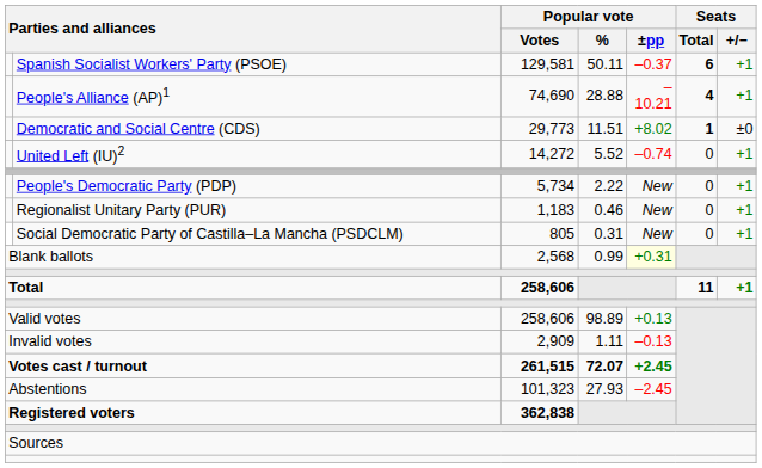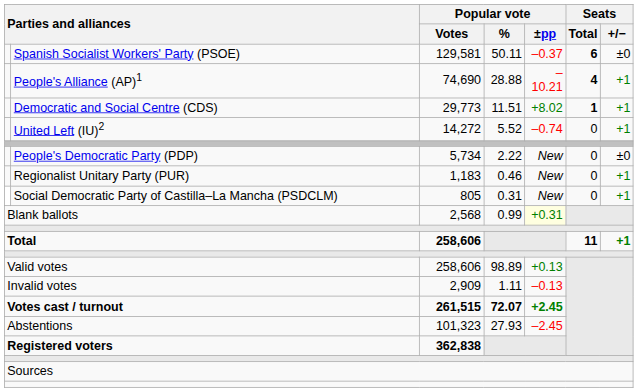 <table class="wikitable" style="text-align:right;">
 <tr>
 <th style="text-align:left;" rowspan="2" colspan="2" width="525">Parties and alliances</th>
 <th colspan="3">Popular vote</th>
 <th colspan="2">Seats</th>
 </tr>
 <tr>
 <th width="75">Votes</th>
 <th width="45">%</th>
 <th width="45">±<a href='#'>pp</a></th>
 <th width="35">Total</th>
 <th width="35">+/−</th>
 </tr>
 <tr>
 <td width="1" style="color:inherit;background:"></td>
 <td align="left"><a href='#'>Spanish Socialist Workers' Party</a> (PSOE)</td>
 <td>129,581</td>
 <td>50.11</td>
 <td style="color:red;">–0.37</td>
 <td><strong>6</strong></td>
-<td style="color:green;">+1</td>
+<td>±0</td>
 </tr>
 <tr>
 <td style="color:inherit;background:"></td>
 <td align="left"><a href='#'>People's Alliance</a> (AP)<sup>1</sup></td>
 <td>74,690</td>
 <td>28.88</td>
 <td style="color:red;">–10.21</td>
 <td><strong>4</strong></td>
 <td style="color:green;">+1</td>
 </tr>
 <tr>
 <td style="color:inherit;background:"></td>
 <td align="left"><a href='#'>Democratic and Social Centre</a> (CDS)</td>
 <td>29,773</td>
 <td>11.51</td>
 <td style="color:green;">+8.02</td>
 <td><strong>1</strong></td>
-<td>±0</td>
+<td style="color:green;">+1</td>
 </tr>
 <tr>
 <td style="color:inherit;background:"></td>
 <td align="left"><a href='#'>United Left</a> (IU)<sup>2</sup></td>
 <td>14,272</td>
 <td>5.52</td>
 <td style="color:red;">–0.74</td>
 <td>0</td>
 <td style="color:green;">+1</td>
 </tr>
 <tr>
 <td colspan="7" bgcolor="#C0C0C0"></td>
 </tr>
 <tr>
 <td style="color:inherit;background:"></td>
 <td align="left"><a href='#'>People's Democratic Party</a> (PDP)</td>
 <td>5,734</td>
 <td>2.22</td>
 <td><em>New</em></td>
 <td>0</td>
-<td style="color:green;">+1</td>
+<td>±0</td>
 </tr>
 <tr>
 <td style="color:inherit;background:"></td>
 <td align="left">Regionalist Unitary Party (PUR)</td>
 <td>1,183</td>
 <td>0.46</td>
 <td><em>New</em></td>
 <td>0</td>
 <td style="color:green;">+1</td>
 </tr>
 <tr>
 <td bgcolor="white"></td>
 <td align="left">Social Democratic Party of Castilla–La Mancha (PSDCLM)</td>
 <td>805</td>
 <td>0.31</td>
 <td><em>New</em></td>
 <td>0</td>
 <td style="color:green;">+1</td>
 </tr>
 <tr>
 <td align="left" colspan="2">Blank ballots</td>
 <td>2,568</td>
 <td>0.99</td>
 <td style="background: lightyellow; color:green;">+0.31</td>
 <td bgcolor="#E9E9E9" colspan="2"></td>
 </tr>
 <tr>
 <td colspan="7" bgcolor="#E9E9E9"></td>
 </tr>
 <tr style="font-weight:bold;">
 <td align="left" colspan="2">Total</td>
 <td>258,606</td>
 <td bgcolor="#E9E9E9" colspan="2"></td>
 <td>11</td>
 <td style="color:green;">+1</td>
 </tr>
 <tr>
 <td colspan="7" bgcolor="#E9E9E9"></td>
 </tr>
 <tr>
 <td align="left" colspan="2">Valid votes</td>
 <td>258,606</td>
 <td>98.89</td>
 <td style="color:green;">+0.13</td>
 <td bgcolor="#E9E9E9" colspan="2" rowspan="5"></td>
 </tr>
 <tr>
 <td align="left" colspan="2">Invalid votes</td>
 <td>2,909</td>
 <td>1.11</td>
 <td style="color:red;">–0.13</td>
 </tr>
 <tr style="font-weight:bold;">
 <td align="left" colspan="2">Votes cast / turnout</td>
 <td>261,515</td>
 <td>72.07</td>
 <td style="color:green;">+2.45</td>
 </tr>
 <tr>
 <td align="left" colspan="2">Abstentions</td>
 <td>101,323</td>
 <td>27.93</td>
 <td style="color:red;">–2.45</td>
 </tr>
 <tr style="font-weight:bold;">
 <td align="left" colspan="2">Registered voters</td>
 <td>362,838</td>
 <td bgcolor="#E9E9E9" colspan="2"></td>
 </tr>
 <tr>
 <td colspan="7" bgcolor="#E9E9E9"></td>
 </tr>
 <tr>
 <td align="left" colspan="7">Sources</td>
 </tr>
 <tr>
 <td colspan="7" style="text-align:left; max-width:790px;"></td>
 </tr>
 </table>
